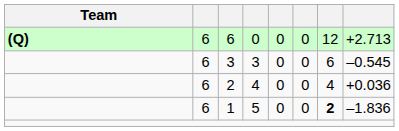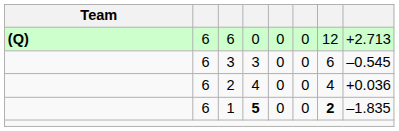 <table class="wikitable" style="text-align:center">
 <tr>
 <th width=200>Team</th>
 <th width=20></th>
 <th width=20></th>
 <th width=20></th>
 <th width=20></th>
 <th width=20></th>
 <th width=20></th>
 <th width=45></th>
 </tr>
 <tr style="background:#cfc;">
 <td align="left"> <strong>(Q)</strong></td>
 <td>6</td>
 <td>6</td>
 <td>0</td>
 <td>0</td>
 <td>0</td>
 <td>12</td>
 <td>+2.713</td>
 </tr>
 <tr>
 <td align="left"></td>
 <td>6</td>
 <td>3</td>
 <td>3</td>
 <td>0</td>
 <td>0</td>
 <td>6</td>
 <td>–0.545</td>
 </tr>
 <tr>
 <td align="left"></td>
 <td>6</td>
 <td>2</td>
 <td>4</td>
 <td>0</td>
 <td>0</td>
 <td>4</td>
 <td>+0.036</td>
 </tr>
 <tr>
 <td align="left"></td>
 <td>6</td>
 <td>1</td>
-<td>5</td>
+<td><strong>5</strong></td>
 <td>0</td>
 <td>0</td>
 <td><strong>2</strong></td>
-<td>–1.836</td>
+<td>–1.835</td>
 </tr>
 <tr>
 <td colspan=8 align=right></td>
 </tr>
 </table>
